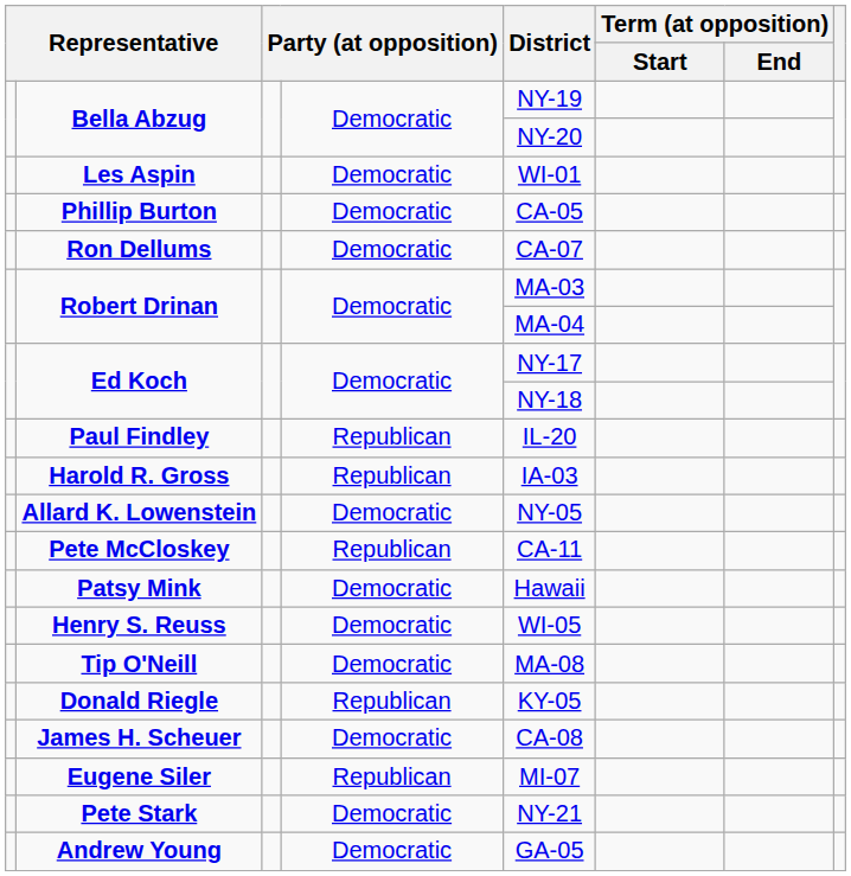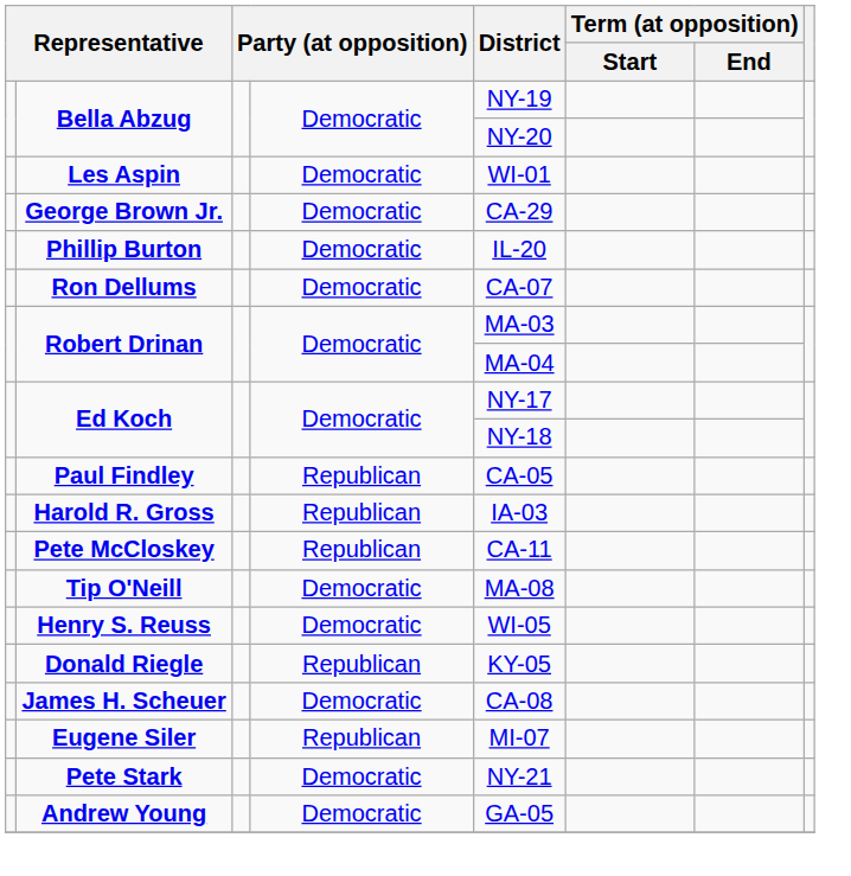 <table class="wikitable sortable" style="text-align:center">
 <tr>
 <th rowspan=2 colspan=2>Representative</th>
 <th rowspan=2 colspan=2>Party (at opposition)</th>
 <th rowspan=2>District</th>
 <th colspan=2>Term (at opposition)</th>
 <th rowspan=2></th>
 </tr>
 <tr>
 <th>Start</th>
 <th>End</th>
 </tr>
 <tr>
 <td rowspan=2 data-sort-value="Abzug, Bella"></td>
 <td rowspan=2><strong><a href='#'>Bella Abzug</a></strong></td>
 <td rowspan=2 style="background-color:"></td>
 <td rowspan=2><a href='#'>Democratic</a></td>
 <td><a href='#'>NY-19</a></td>
 <td></td>
 <td></td>
 <td rowspan=2></td>
 </tr>
 <tr>
 <td><a href='#'>NY-20</a></td>
 <td></td>
 <td></td>
 </tr>
 <tr>
 <td data-sort-value="Aspin, Les"></td>
 <td><strong><a href='#'>Les Aspin</a></strong></td>
 <td style="background-color:"></td>
 <td><a href='#'>Democratic</a></td>
 <td><a href='#'>WI-01</a></td>
 <td></td>
 <td></td>
 <td></td>
 </tr>
 <tr>
+<td data-sort-value="Brown, George, Jr."></td>
+<td><strong><a href='#'>George Brown Jr.</a></strong></td>
+<td style="background-color:"></td>
+<td><a href='#'>Democratic</a></td>
+<td><a href='#'>CA-29</a></td>
+<td></td>
+<td></td>
+<td></td>
+</tr>
+<tr>
 <td data-sort-value="Burton, Phillip"></td>
 <td><strong><a href='#'>Phillip Burton</a></strong></td>
 <td style="background-color:"></td>
 <td><a href='#'>Democratic</a></td>
-<td><a href='#'>CA-05</a></td>
+<td><a href='#'>IL-20</a></td>
 <td></td>
 <td></td>
 <td></td>
 </tr>
 <tr>
 <td data-sort-value="Dellums, Ron"></td>
 <td><strong><a href='#'>Ron Dellums</a></strong></td>
 <td style="background-color:"></td>
 <td><a href='#'>Democratic</a></td>
 <td><a href='#'>CA-07</a></td>
 <td></td>
 <td></td>
 <td></td>
 </tr>
 <tr>
 <td rowspan=2 data-sort-value="Drinan, Robert"></td>
 <td rowspan=2><strong><a href='#'>Robert Drinan</a></strong></td>
 <td rowspan=2 style="background-color:"></td>
 <td rowspan=2><a href='#'>Democratic</a></td>
 <td><a href='#'>MA-03</a></td>
 <td></td>
 <td></td>
 <td rowspan=2></td>
 </tr>
 <tr>
 <td><a href='#'>MA-04</a></td>
 <td></td>
 <td></td>
 </tr>
 <tr>
 <td rowspan=2 data-sort-value="Koch, Ed"></td>
 <td rowspan=2><strong><a href='#'>Ed Koch</a></strong></td>
 <td rowspan=2 style="background-color:"></td>
 <td rowspan=2><a href='#'>Democratic</a></td>
 <td><a href='#'>NY-17</a></td>
 <td></td>
 <td></td>
 <td rowspan=2></td>
 </tr>
 <tr>
 <td><a href='#'>NY-18</a></td>
 <td></td>
 <td></td>
 </tr>
 <tr>
 <td data-sort-value="Findley, Paul"></td>
 <td><strong><a href='#'>Paul Findley</a></strong></td>
 <td style="background-color:"></td>
 <td><a href='#'>Republican</a></td>
-<td><a href='#'>IL-20</a></td>
+<td><a href='#'>CA-05</a></td>
 <td></td>
 <td></td>
 <td></td>
 </tr>
 <tr>
 <td data-sort-value="Gross, Harold R."></td>
 <td><strong><a href='#'>Harold R. Gross</a></strong></td>
 <td style="background-color:"></td>
 <td><a href='#'>Republican</a></td>
 <td><a href='#'>IA-03</a></td>
 <td></td>
 <td></td>
 <td></td>
 </tr>
 <tr>
-<td data-sort-value="Lowenstein, Allard K."></td>
-<td><strong><a href='#'>Allard K. Lowenstein</a></strong></td>
-<td style="background-color:"></td>
-<td><a href='#'>Democratic</a></td>
-<td><a href='#'>NY-05</a></td>
-<td></td>
-<td></td>
-<td></td>
-</tr>
-<tr>
 <td data-sort-value="McCloskey, Pete"></td>
 <td><strong><a href='#'>Pete McCloskey</a></strong></td>
 <td style="background-color:"></td>
 <td><a href='#'>Republican</a></td>
 <td><a href='#'>CA-11</a></td>
 <td></td>
 <td></td>
 <td></td>
 </tr>
 <tr>
-<td data-sort-value="Mink, Patsy"></td>
-<td><strong><a href='#'>Patsy Mink</a></strong></td>
+<td data-sort-value="O'Neill, Tip"></td>
+<td><strong><a href='#'>Tip O'Neill</a></strong></td>
 <td style="background-color:"></td>
 <td><a href='#'>Democratic</a></td>
-<td><a href='#'>Hawaii</a></td>
+<td><a href='#'>MA-08</a></td>
 <td></td>
 <td></td>
 <td></td>
 </tr>
 <tr>
 <td data-sort-value="Reuss, Henry S."></td>
 <td><strong><a href='#'>Henry S. Reuss</a></strong></td>
 <td style="background-color:"></td>
 <td><a href='#'>Democratic</a></td>
 <td><a href='#'>WI-05</a></td>
-<td></td>
-<td></td>
-<td></td>
-</tr>
-<tr>
-<td data-sort-value="O'Neill, Tip"></td>
-<td><strong><a href='#'>Tip O'Neill</a></strong></td>
-<td style="background-color:"></td>
-<td><a href='#'>Democratic</a></td>
-<td><a href='#'>MA-08</a></td>
 <td></td>
 <td></td>
 <td></td>
 </tr>
 <tr>
 <td data-sort-value="Riegle, Donald"></td>
 <td><strong><a href='#'>Donald Riegle</a></strong></td>
 <td style="background-color:"></td>
 <td><a href='#'>Republican</a></td>
 <td><a href='#'>KY-05</a></td>
 <td></td>
 <td></td>
 <td></td>
 </tr>
 <tr>
 <td data-sort-value="Scheuer, James H."></td>
 <td><strong><a href='#'>James H. Scheuer</a></strong></td>
 <td style="background-color:"></td>
 <td><a href='#'>Democratic</a></td>
 <td><a href='#'>CA-08</a></td>
 <td></td>
 <td></td>
 <td></td>
 </tr>
 <tr>
 <td data-sort-value="Siler, Eugene"></td>
 <td><strong><a href='#'>Eugene Siler</a></strong></td>
 <td style="background-color:"></td>
 <td><a href='#'>Republican</a></td>
 <td><a href='#'>MI-07</a></td>
 <td></td>
 <td></td>
 <td></td>
 </tr>
 <tr>
 <td data-sort-value="Stark, Pete"></td>
 <td><strong><a href='#'>Pete Stark</a></strong></td>
 <td style="background-color:"></td>
 <td><a href='#'>Democratic</a></td>
 <td><a href='#'>NY-21</a></td>
 <td></td>
 <td></td>
 <td></td>
 </tr>
 <tr>
 <td data-sort-value="Young, Andrew"></td>
 <td><strong><a href='#'>Andrew Young</a></strong></td>
 <td style="background-color:"></td>
 <td><a href='#'>Democratic</a></td>
 <td><a href='#'>GA-05</a></td>
 <td></td>
 <td></td>
 <td></td>
 </tr>
 <tr>
 </tr>
 </table>
